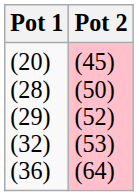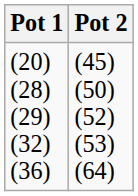 <table class="wikitable" style="max-width:25em">
 <tr>
 <th style="width:50%">Pot 1</th>
 <th style="width:50%">Pot 2</th>
 </tr>
 <tr>
 <td><strong></strong> (20)<br><strong></strong> (28)<br><strong></strong> (29)<br> (32)<br> (36)</td>
-<td style="background: pink;"> (45)<br><strong></strong> (50)<br><strong></strong> (52)<br> (53)<br> (64)</td>
+<td> (45)<br><strong></strong> (50)<br><strong></strong> (52)<br> (53)<br> (64)</td>
 </tr>
 </table>
